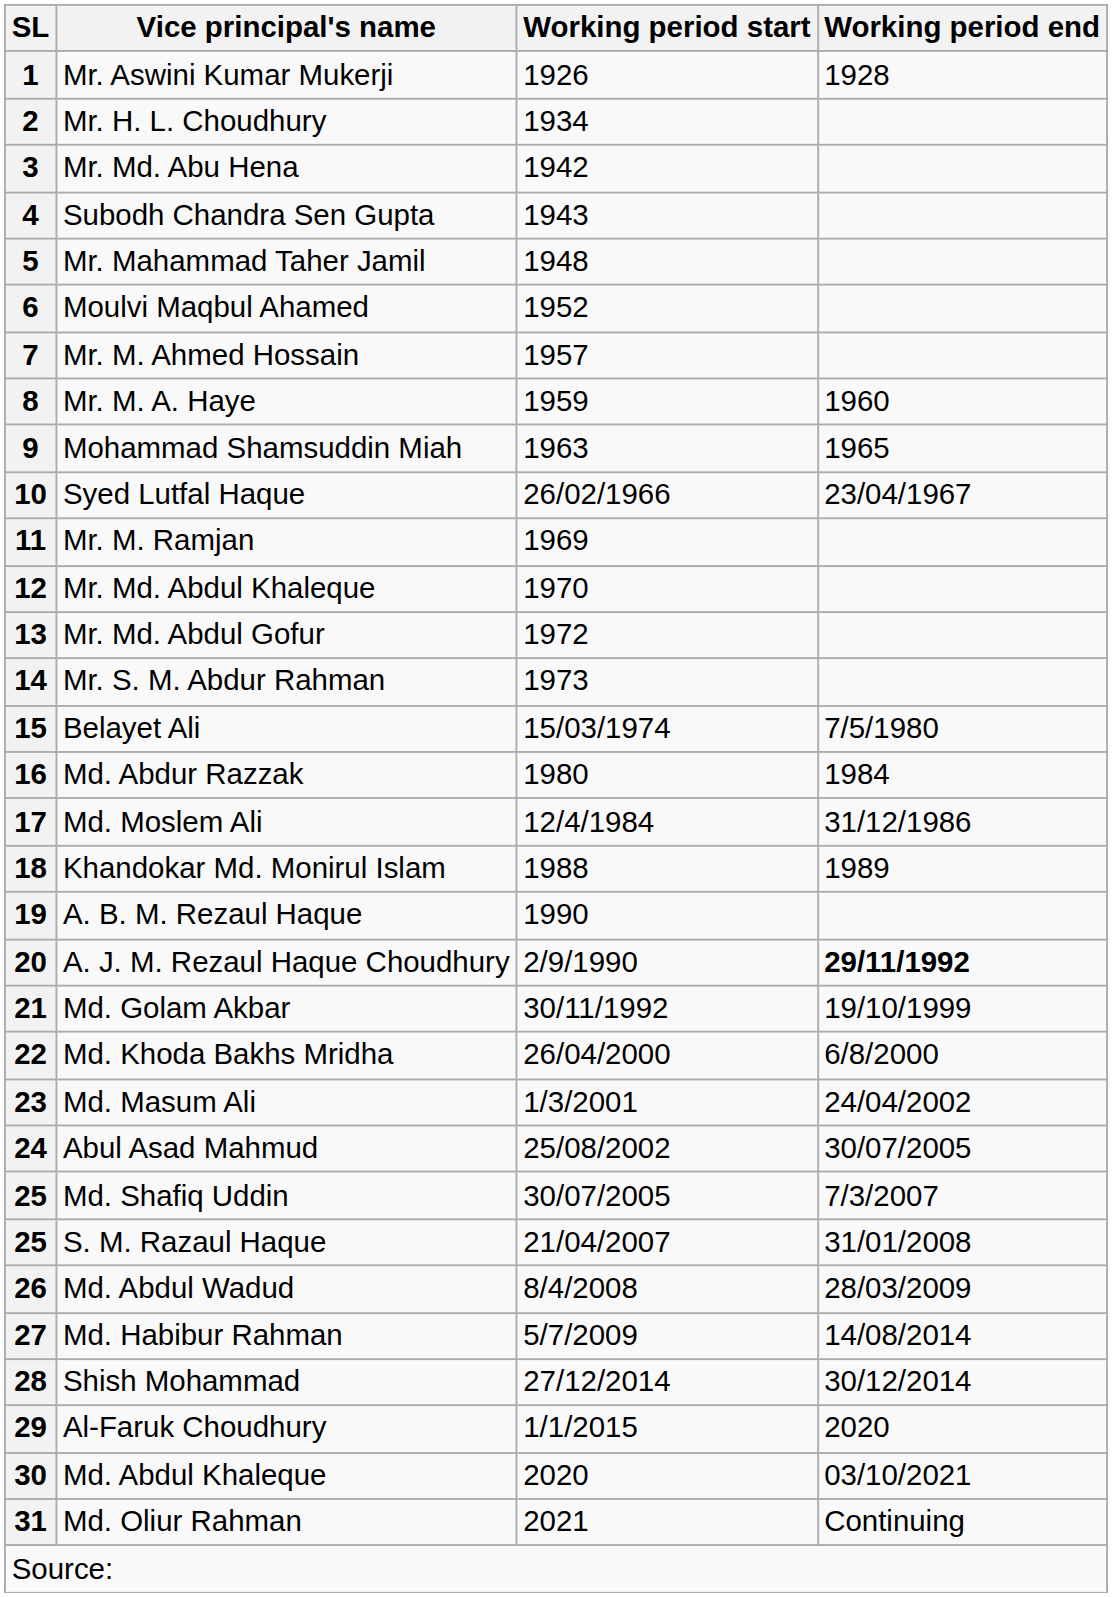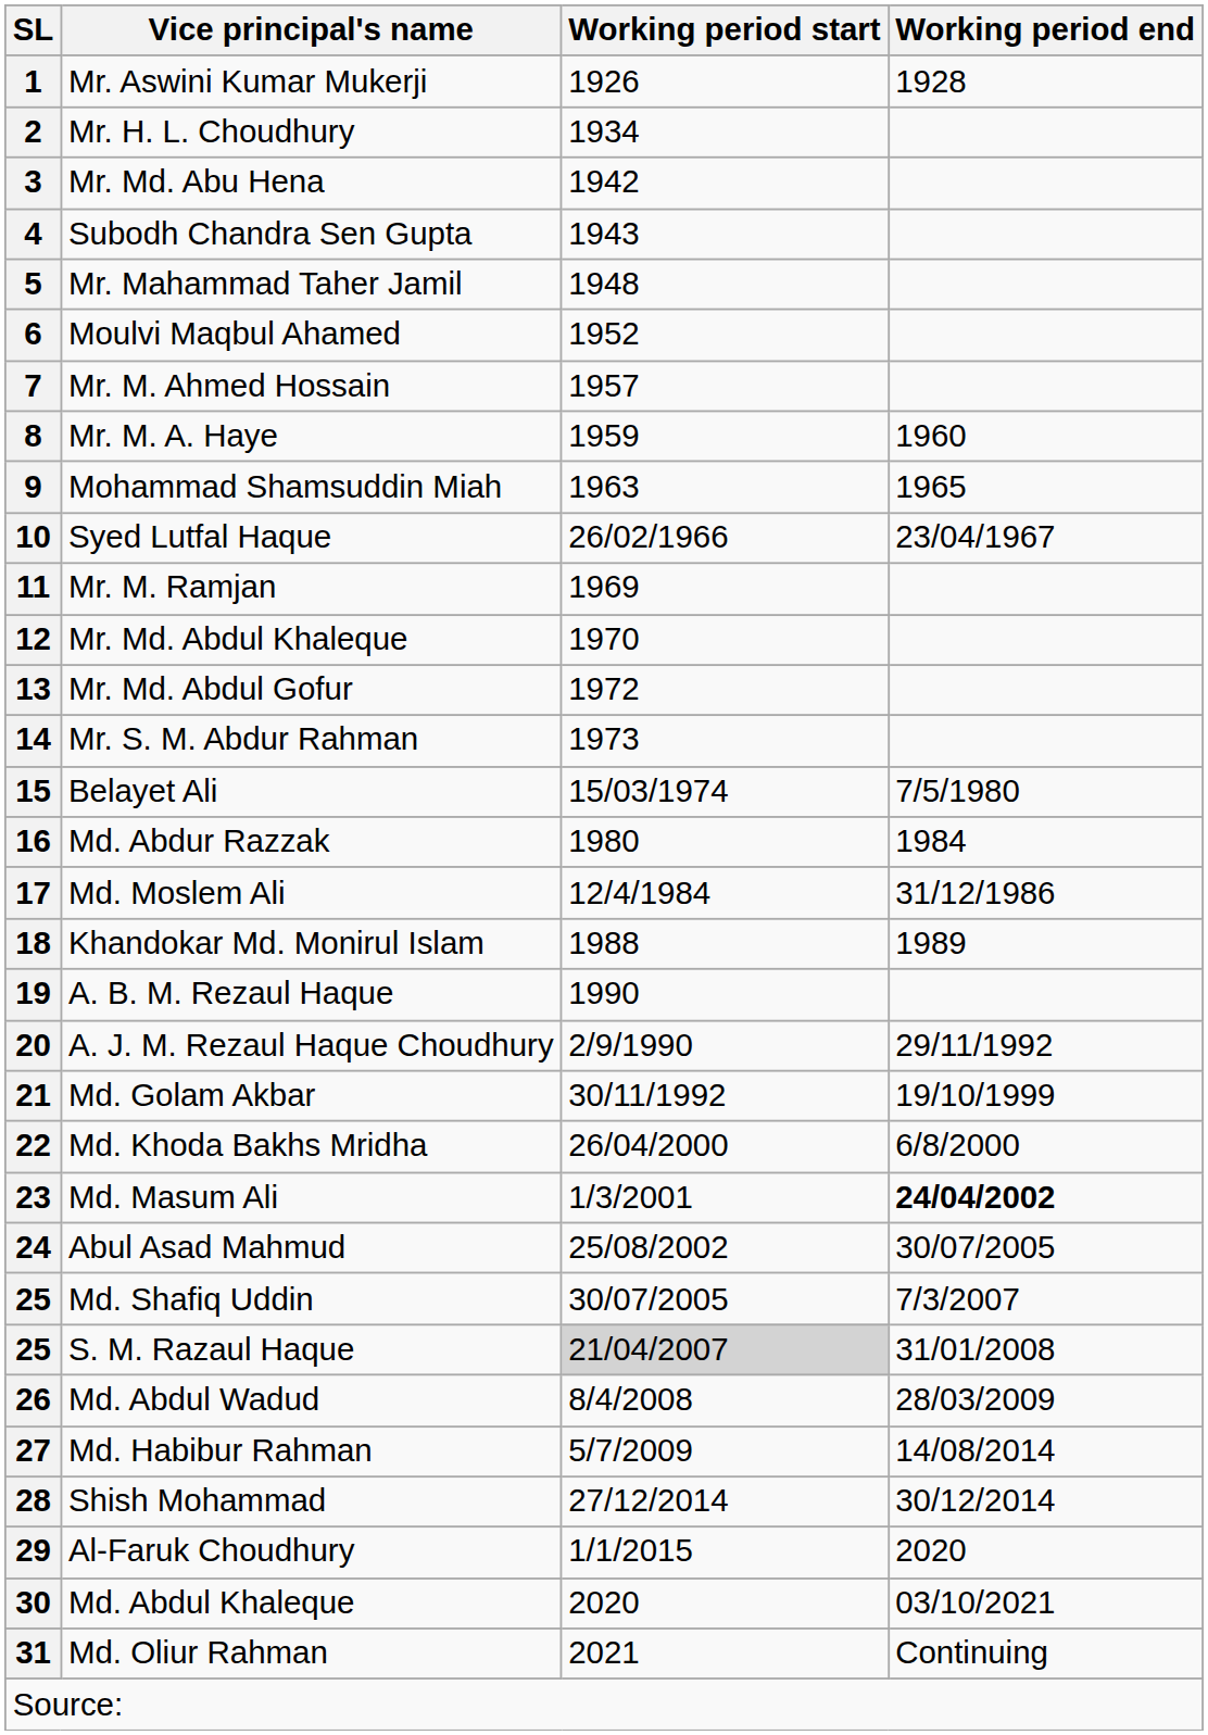 <table class="wikitable">
 <tr>
 <th>SL</th>
 <th>Vice principal's name</th>
 <th>Working period start</th>
 <th>Working period end</th>
 </tr>
 <tr>
 <th>1</th>
 <td>Mr. Aswini Kumar Mukerji</td>
 <td>1926</td>
 <td>1928</td>
 </tr>
 <tr>
 <th>2</th>
 <td>Mr. H. L. Choudhury</td>
 <td>1934</td>
 <td></td>
 </tr>
 <tr>
 <th>3</th>
 <td>Mr. Md. Abu Hena</td>
 <td>1942</td>
 <td></td>
 </tr>
 <tr>
 <th>4</th>
 <td>Subodh Chandra Sen Gupta</td>
 <td>1943</td>
 <td></td>
 </tr>
 <tr>
 <th>5</th>
 <td>Mr. Mahammad Taher Jamil</td>
 <td>1948</td>
 <td></td>
 </tr>
 <tr>
 <th>6</th>
 <td>Moulvi Maqbul Ahamed</td>
 <td>1952</td>
 <td></td>
 </tr>
 <tr>
 <th>7</th>
 <td>Mr. M. Ahmed Hossain</td>
 <td>1957</td>
 <td></td>
 </tr>
 <tr>
 <th>8</th>
 <td>Mr. M. A. Haye</td>
 <td>1959</td>
 <td>1960</td>
 </tr>
 <tr>
 <th>9</th>
 <td>Mohammad Shamsuddin Miah</td>
 <td>1963</td>
 <td>1965</td>
 </tr>
 <tr>
 <th>10</th>
 <td>Syed Lutfal Haque</td>
 <td>26/02/1966</td>
 <td>23/04/1967</td>
 </tr>
 <tr>
 <th>11</th>
 <td>Mr. M. Ramjan</td>
 <td>1969</td>
 <td></td>
 </tr>
 <tr>
 <th>12</th>
 <td>Mr. Md. Abdul Khaleque</td>
 <td>1970</td>
 <td></td>
 </tr>
 <tr>
 <th>13</th>
 <td>Mr. Md. Abdul Gofur</td>
 <td>1972</td>
 <td></td>
 </tr>
 <tr>
 <th>14</th>
 <td>Mr. S. M. Abdur Rahman</td>
 <td>1973</td>
 <td></td>
 </tr>
 <tr>
 <th>15</th>
 <td>Belayet Ali</td>
 <td>15/03/1974</td>
 <td>7/5/1980</td>
 </tr>
 <tr>
 <th>16</th>
 <td>Md. Abdur Razzak</td>
 <td>1980</td>
 <td>1984</td>
 </tr>
 <tr>
 <th>17</th>
 <td>Md. Moslem Ali</td>
 <td>12/4/1984</td>
 <td>31/12/1986</td>
 </tr>
 <tr>
 <th>18</th>
 <td>Khandokar Md. Monirul Islam</td>
 <td>1988</td>
 <td>1989</td>
 </tr>
 <tr>
 <th>19</th>
 <td>A. B. M. Rezaul Haque</td>
 <td>1990</td>
 <td></td>
 </tr>
 <tr>
 <th>20</th>
 <td>A. J. M. Rezaul Haque Choudhury</td>
 <td>2/9/1990</td>
-<td><strong>29/11/1992</strong></td>
+<td>29/11/1992</td>
 </tr>
 <tr>
 <th>21</th>
 <td>Md. Golam Akbar</td>
 <td>30/11/1992</td>
 <td>19/10/1999</td>
 </tr>
 <tr>
 <th>22</th>
 <td>Md. Khoda Bakhs Mridha</td>
 <td>26/04/2000</td>
 <td>6/8/2000</td>
 </tr>
 <tr>
 <th>23</th>
 <td>Md. Masum Ali</td>
 <td>1/3/2001</td>
-<td>24/04/2002</td>
+<td><strong>24/04/2002</strong></td>
 </tr>
 <tr>
 <th>24</th>
 <td>Abul Asad Mahmud</td>
 <td>25/08/2002</td>
 <td>30/07/2005</td>
 </tr>
 <tr>
 <th>25</th>
 <td>Md. Shafiq Uddin</td>
 <td>30/07/2005</td>
 <td>7/3/2007</td>
 </tr>
 <tr>
 <th>25</th>
 <td>S. M. Razaul Haque</td>
-<td>21/04/2007</td>
+<td style="background: lightgrey;">21/04/2007</td>
 <td>31/01/2008</td>
 </tr>
 <tr>
 <th>26</th>
 <td>Md. Abdul Wadud</td>
 <td>8/4/2008</td>
 <td>28/03/2009</td>
 </tr>
 <tr>
 <th>27</th>
 <td>Md. Habibur Rahman</td>
 <td>5/7/2009</td>
 <td>14/08/2014</td>
 </tr>
 <tr>
 <th>28</th>
 <td>Shish Mohammad</td>
 <td>27/12/2014</td>
 <td>30/12/2014</td>
 </tr>
 <tr>
 <th>29</th>
 <td>Al-Faruk Choudhury</td>
 <td>1/1/2015</td>
 <td>2020</td>
 </tr>
 <tr>
 <th>30</th>
 <td>Md. Abdul Khaleque</td>
 <td>2020</td>
 <td>03/10/2021</td>
 </tr>
 <tr>
 <th>31</th>
 <td>Md. Oliur Rahman</td>
 <td>2021</td>
 <td>Continuing</td>
 </tr>
 <tr>
 <td colspan="4">Source: </td>
 </tr>
 </table>
